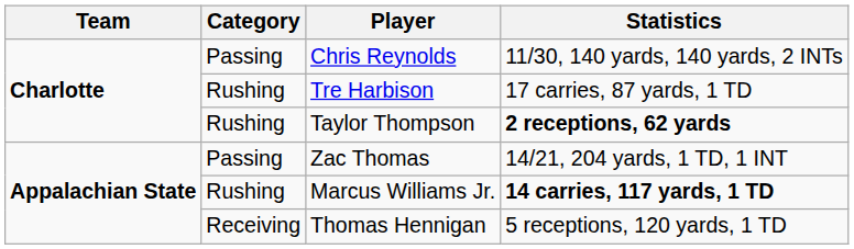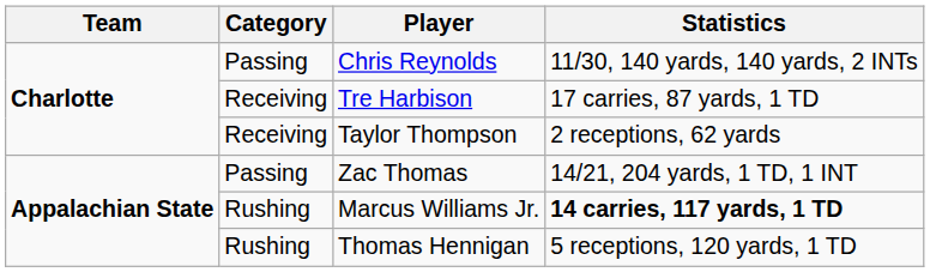 <table class="wikitable" style="float: left;">
 <tr>
 <th>Team</th>
 <th>Category</th>
 <th>Player</th>
 <th>Statistics</th>
 </tr>
 <tr>
 <td rowspan=3><strong>Charlotte</strong></td>
 <td>Passing</td>
 <td><a href='#'>Chris Reynolds</a></td>
 <td>11/30, 140 yards, 140 yards, 2 INTs</td>
 </tr>
 <tr>
-<td>Rushing</td>
+<td>Receiving</td>
 <td><a href='#'>Tre Harbison</a></td>
 <td>17 carries, 87 yards, 1 TD</td>
 </tr>
 <tr>
-<td>Rushing</td>
+<td>Receiving</td>
 <td>Taylor Thompson</td>
-<td><strong>2 receptions, 62 yards</strong></td>
+<td>2 receptions, 62 yards</td>
 </tr>
 <tr>
 <td rowspan=3><strong>Appalachian State</strong></td>
 <td>Passing</td>
 <td>Zac Thomas</td>
 <td>14/21, 204 yards, 1 TD, 1 INT</td>
 </tr>
 <tr>
 <td>Rushing</td>
 <td>Marcus Williams Jr.</td>
 <td><strong>14 carries, 117 yards, 1 TD</strong></td>
 </tr>
 <tr>
-<td>Receiving</td>
+<td>Rushing</td>
 <td>Thomas Hennigan</td>
 <td>5 receptions, 120 yards, 1 TD</td>
 </tr>
 </table>
